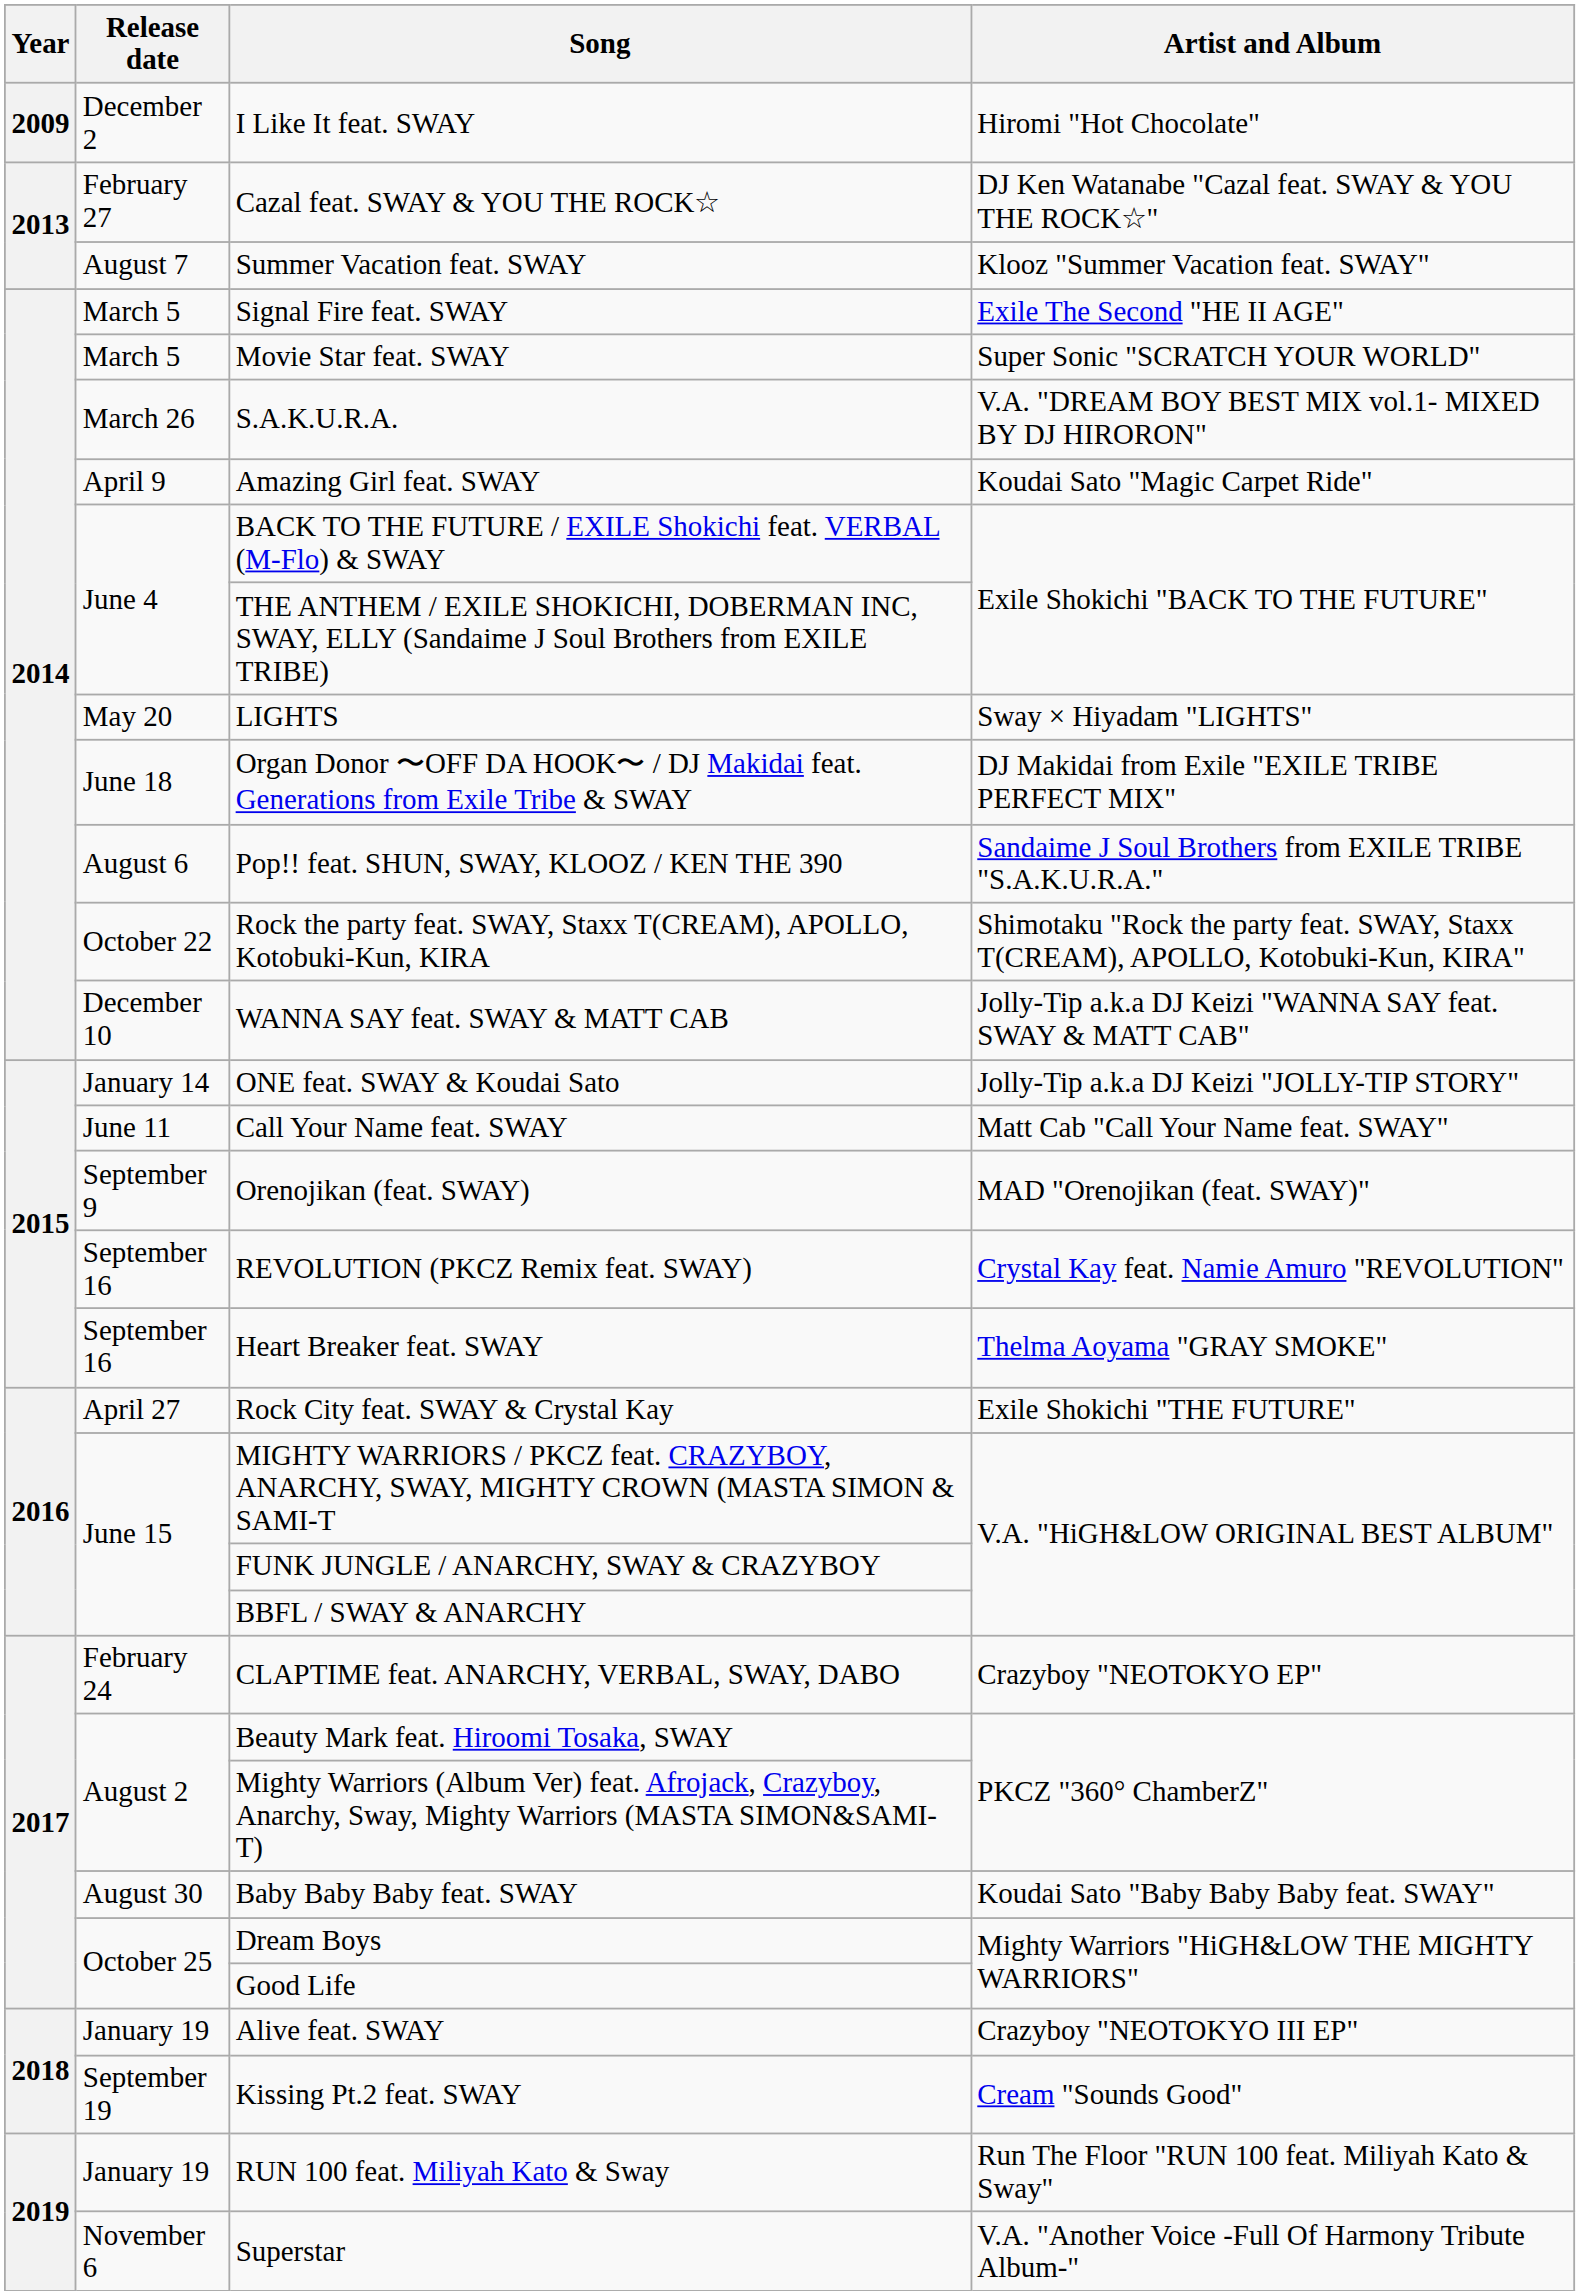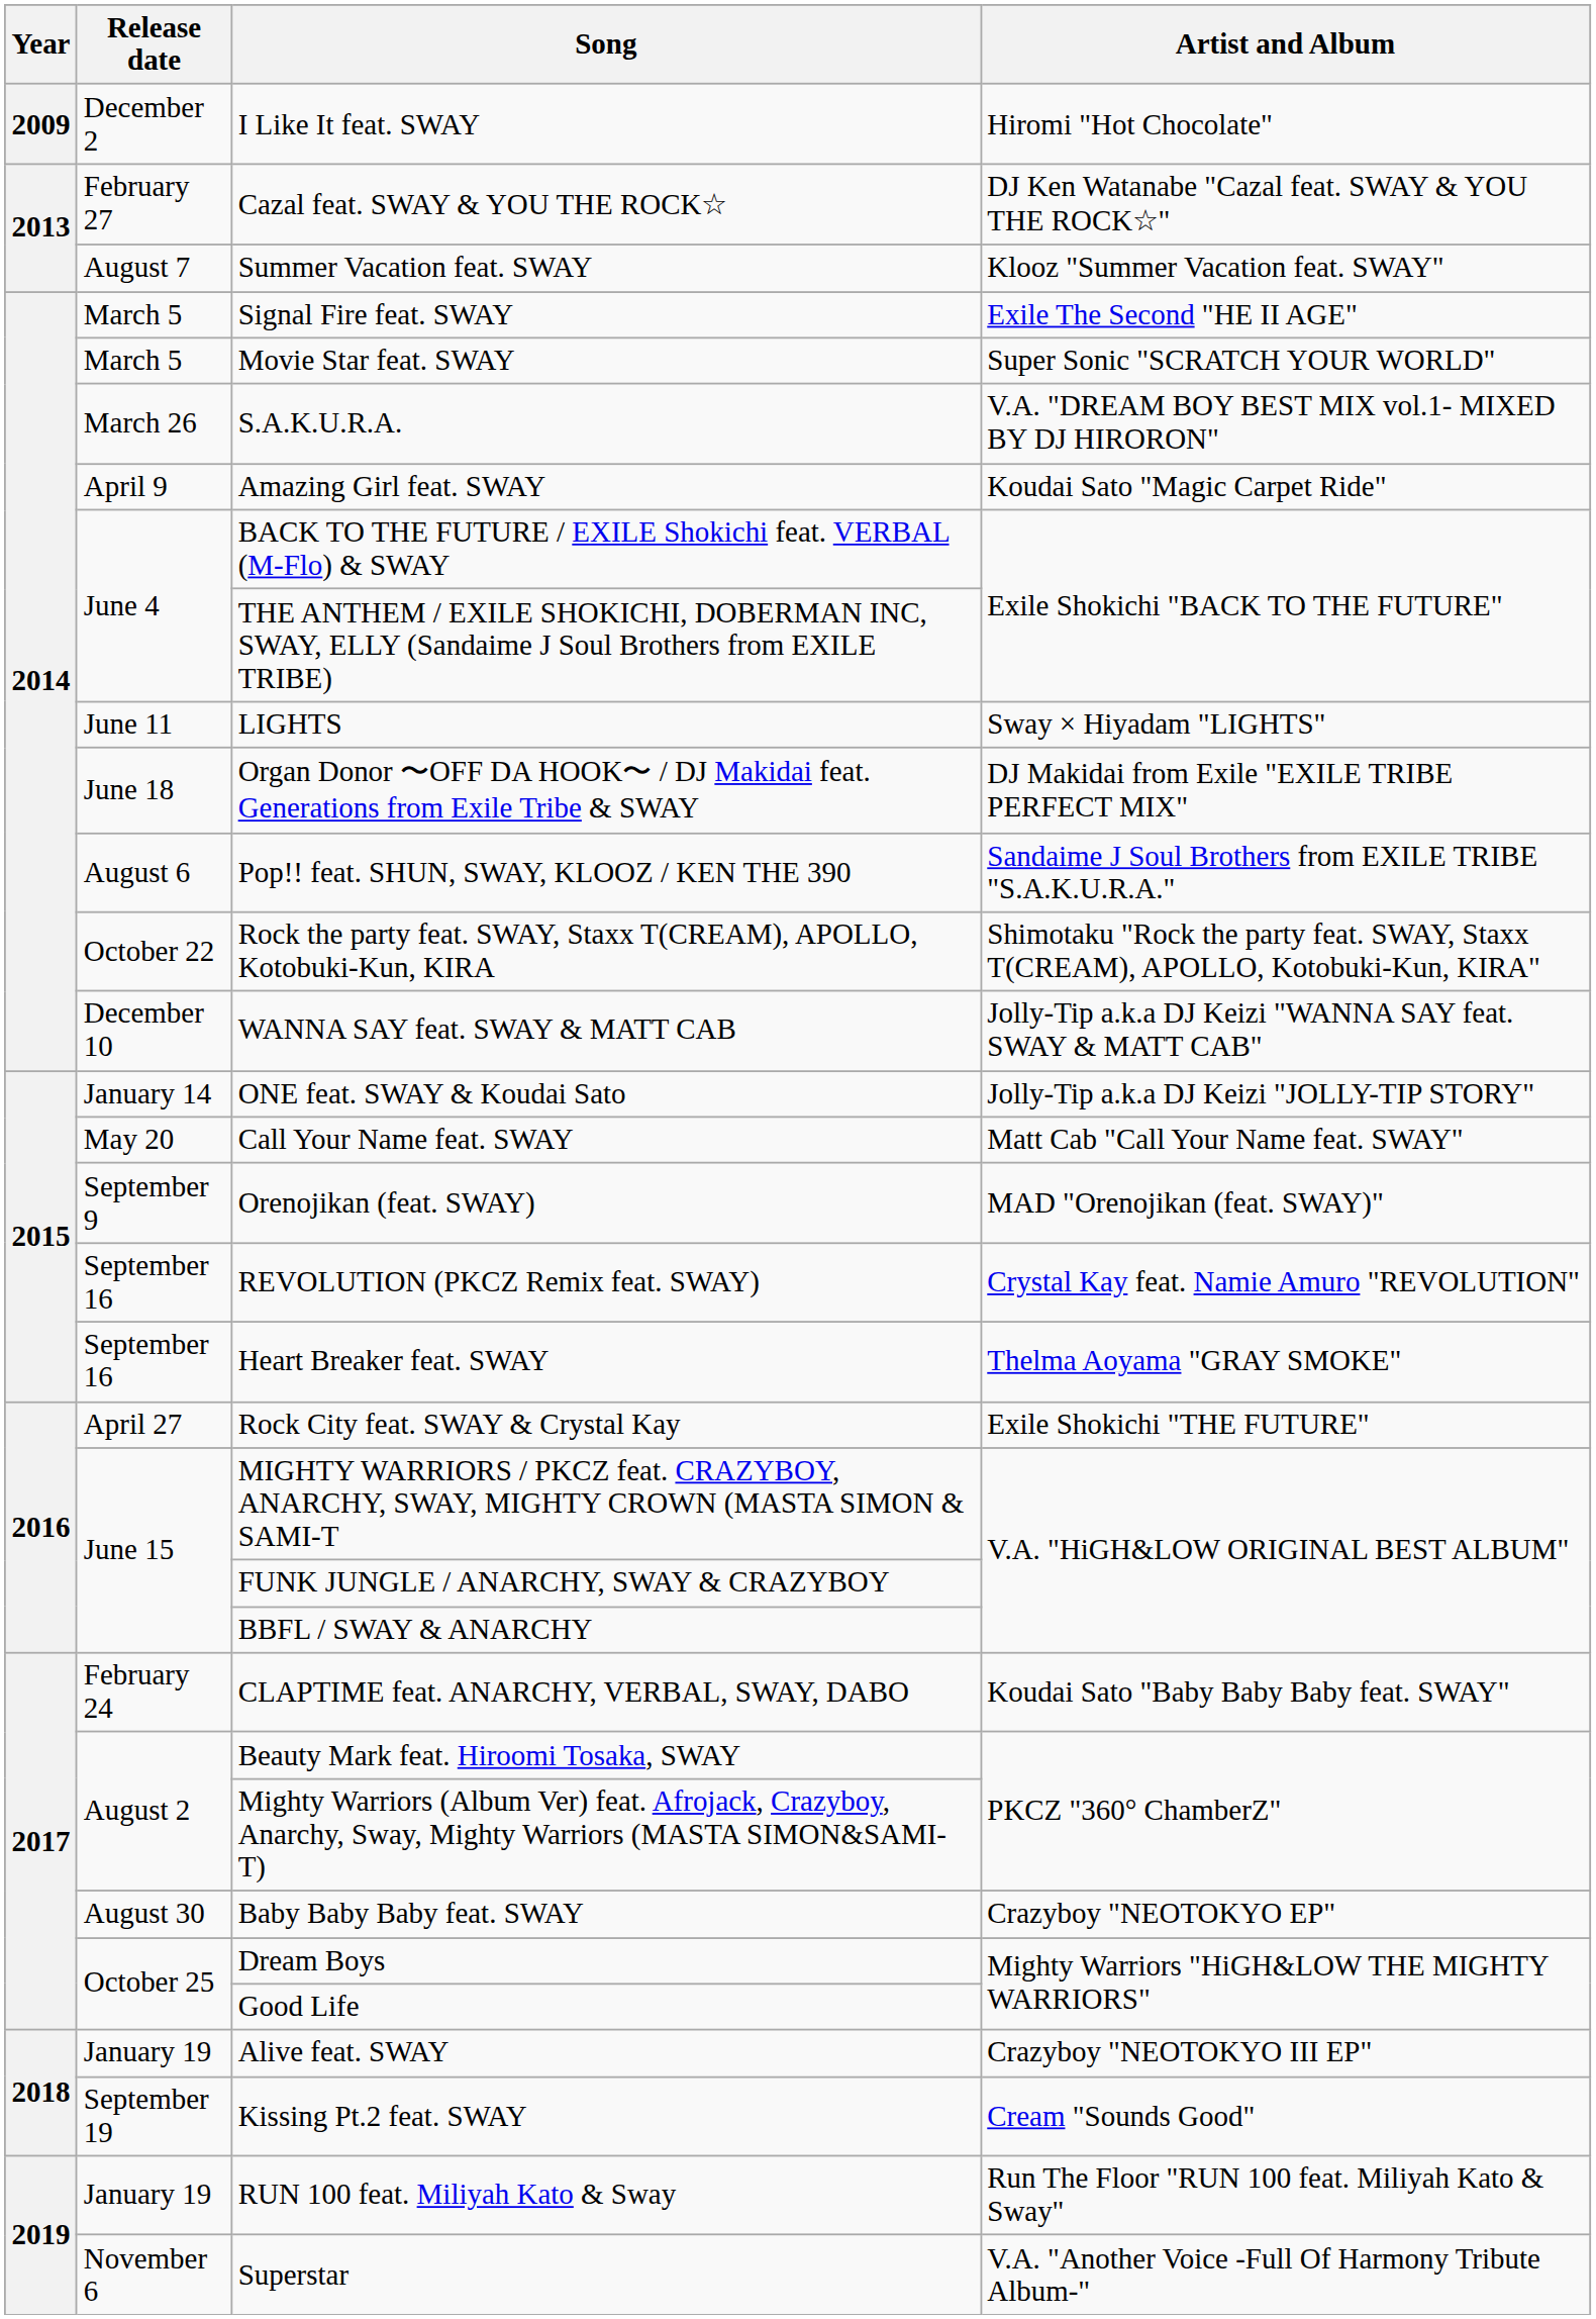 <table class="wikitable sortable mw-collapsible">
 <tr>
 <th>Year</th>
 <th>Release date</th>
 <th>Song</th>
 <th>Artist and Album</th>
 </tr>
 <tr>
 <th>2009</th>
 <td>December 2</td>
 <td>I Like It feat. SWAY</td>
 <td>Hiromi "Hot Chocolate"</td>
 </tr>
 <tr>
 <th rowspan="2">2013</th>
 <td>February 27</td>
 <td>Cazal feat. SWAY & YOU THE ROCK☆</td>
 <td>DJ Ken Watanabe "Cazal feat. SWAY & YOU THE ROCK☆"</td>
 </tr>
 <tr>
 <td>August 7</td>
 <td>Summer Vacation feat. SWAY</td>
 <td>Klooz "Summer Vacation feat. SWAY"</td>
 </tr>
 <tr>
 <th rowspan="11">2014</th>
 <td>March 5</td>
 <td>Signal Fire feat. SWAY</td>
 <td><a href='#'>Exile The Second</a> "HE II AGE"</td>
 </tr>
 <tr>
 <td>March 5</td>
 <td>Movie Star feat. SWAY</td>
 <td>Super Sonic "SCRATCH YOUR WORLD"</td>
 </tr>
 <tr>
 <td>March 26</td>
 <td>S.A.K.U.R.A.</td>
 <td>V.A. "DREAM BOY BEST MIX vol.1- MIXED BY DJ HIRORON"</td>
 </tr>
 <tr>
 <td>April 9</td>
 <td>Amazing Girl feat. SWAY</td>
 <td>Koudai Sato "Magic Carpet Ride"</td>
 </tr>
 <tr>
 <td rowspan="2">June 4</td>
 <td>BACK TO THE FUTURE / <a href='#'>EXILE Shokichi</a> feat. <a href='#'>VERBAL</a> (<a href='#'>M-Flo</a>) & SWAY</td>
 <td rowspan="2">Exile Shokichi "BACK TO THE FUTURE"</td>
 </tr>
 <tr>
 <td>THE ANTHEM / EXILE SHOKICHI, DOBERMAN INC, SWAY, ELLY (Sandaime J Soul Brothers from EXILE TRIBE)</td>
 </tr>
 <tr>
-<td>May 20</td>
+<td>June 11</td>
 <td>LIGHTS</td>
 <td>Sway × Hiyadam "LIGHTS"</td>
 </tr>
 <tr>
 <td>June 18</td>
 <td>Organ Donor 〜OFF DA HOOK〜 / DJ <a href='#'>Makidai</a> feat. <a href='#'>Generations from Exile Tribe</a> & SWAY</td>
 <td>DJ Makidai from Exile "EXILE TRIBE PERFECT MIX"</td>
 </tr>
 <tr>
 <td>August 6</td>
 <td>Pop!! feat. SHUN, SWAY, KLOOZ / KEN THE 390</td>
 <td><a href='#'>Sandaime J Soul Brothers</a> from EXILE TRIBE "S.A.K.U.R.A."</td>
 </tr>
 <tr>
 <td>October 22</td>
 <td>Rock the party feat. SWAY, Staxx T(CREAM), APOLLO, Kotobuki-Kun, KIRA</td>
 <td>Shimotaku "Rock the party feat. SWAY, Staxx T(CREAM), APOLLO, Kotobuki-Kun, KIRA"</td>
 </tr>
 <tr>
 <td>December 10</td>
 <td>WANNA SAY feat. SWAY & MATT CAB</td>
 <td>Jolly-Tip a.k.a DJ Keizi "WANNA SAY feat. SWAY & MATT CAB"</td>
 </tr>
 <tr>
 <th rowspan="5">2015</th>
 <td>January 14</td>
 <td>ONE feat. SWAY & Koudai Sato</td>
 <td>Jolly-Tip a.k.a DJ Keizi "JOLLY-TIP STORY"</td>
 </tr>
 <tr>
-<td>June 11</td>
+<td>May 20</td>
 <td>Call Your Name feat. SWAY</td>
 <td>Matt Cab "Call Your Name feat. SWAY"</td>
 </tr>
 <tr>
 <td>September 9<br></td>
 <td>Orenojikan (feat. SWAY)</td>
 <td>MAD "Orenojikan (feat. SWAY)"</td>
 </tr>
 <tr>
 <td>September 16</td>
 <td>REVOLUTION (PKCZ Remix feat. SWAY)</td>
 <td><a href='#'>Crystal Kay</a> feat. <a href='#'>Namie Amuro</a> "REVOLUTION"</td>
 </tr>
 <tr>
 <td>September 16</td>
 <td>Heart Breaker feat. SWAY</td>
 <td><a href='#'>Thelma Aoyama</a> "GRAY SMOKE"</td>
 </tr>
 <tr>
 <th rowspan="4">2016</th>
 <td>April 27</td>
 <td>Rock City feat. SWAY & Crystal Kay</td>
 <td>Exile Shokichi "THE FUTURE"</td>
 </tr>
 <tr>
 <td rowspan="3">June 15</td>
 <td>MIGHTY WARRIORS / PKCZ feat. <a href='#'>CRAZYBOY</a>, ANARCHY, SWAY, MIGHTY CROWN (MASTA SIMON & SAMI-T</td>
 <td rowspan="3">V.A. "HiGH&LOW ORIGINAL BEST ALBUM"</td>
 </tr>
 <tr>
 <td>FUNK JUNGLE / ANARCHY, SWAY & CRAZYBOY</td>
 </tr>
 <tr>
 <td>BBFL / SWAY & ANARCHY</td>
 </tr>
 <tr>
 <th rowspan="6">2017</th>
 <td>February 24</td>
 <td>CLAPTIME feat. ANARCHY, VERBAL, SWAY, DABO</td>
-<td>Crazyboy "NEOTOKYO EP"</td>
+<td>Koudai Sato "Baby Baby Baby feat. SWAY"</td>
 </tr>
 <tr>
 <td rowspan="2">August 2</td>
 <td>Beauty Mark feat. <a href='#'>Hiroomi Tosaka</a>, SWAY</td>
 <td rowspan="2">PKCZ "360° ChamberZ"</td>
 </tr>
 <tr>
 <td>Mighty Warriors (Album Ver) feat. <a href='#'>Afrojack</a>, <a href='#'>Crazyboy</a>, Anarchy, Sway, Mighty Warriors (MASTA SIMON&SAMI-T)</td>
 </tr>
 <tr>
 <td>August 30</td>
 <td>Baby Baby Baby feat. SWAY</td>
-<td>Koudai Sato "Baby Baby Baby feat. SWAY"</td>
+<td>Crazyboy "NEOTOKYO EP"</td>
 </tr>
 <tr>
 <td rowspan="2">October 25</td>
 <td>Dream Boys</td>
 <td rowspan="2">Mighty Warriors "HiGH&LOW THE MIGHTY WARRIORS"</td>
 </tr>
 <tr>
 <td>Good Life</td>
 </tr>
 <tr>
 <th rowspan="2">2018</th>
 <td>January 19</td>
 <td>Alive feat. SWAY</td>
 <td>Crazyboy "NEOTOKYO III EP"</td>
 </tr>
 <tr>
 <td>September 19</td>
 <td>Kissing Pt.2 feat. SWAY</td>
 <td><a href='#'>Cream</a> "Sounds Good"</td>
 </tr>
 <tr>
 <th rowspan="2">2019</th>
 <td>January 19</td>
 <td>RUN 100 feat. <a href='#'>Miliyah Kato</a> & Sway</td>
 <td>Run The Floor "RUN 100 feat. Miliyah Kato & Sway"</td>
 </tr>
 <tr>
 <td>November 6</td>
 <td>Superstar</td>
 <td>V.A. "Another Voice -Full Of Harmony Tribute Album-"</td>
 </tr>
 </table>
